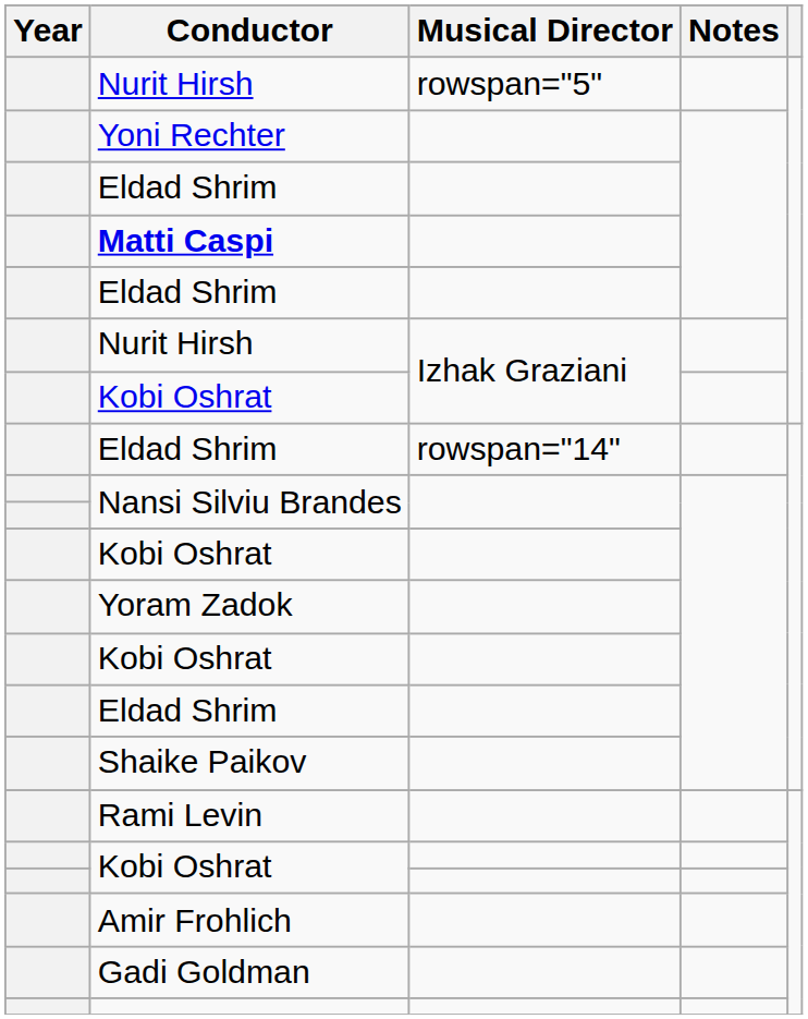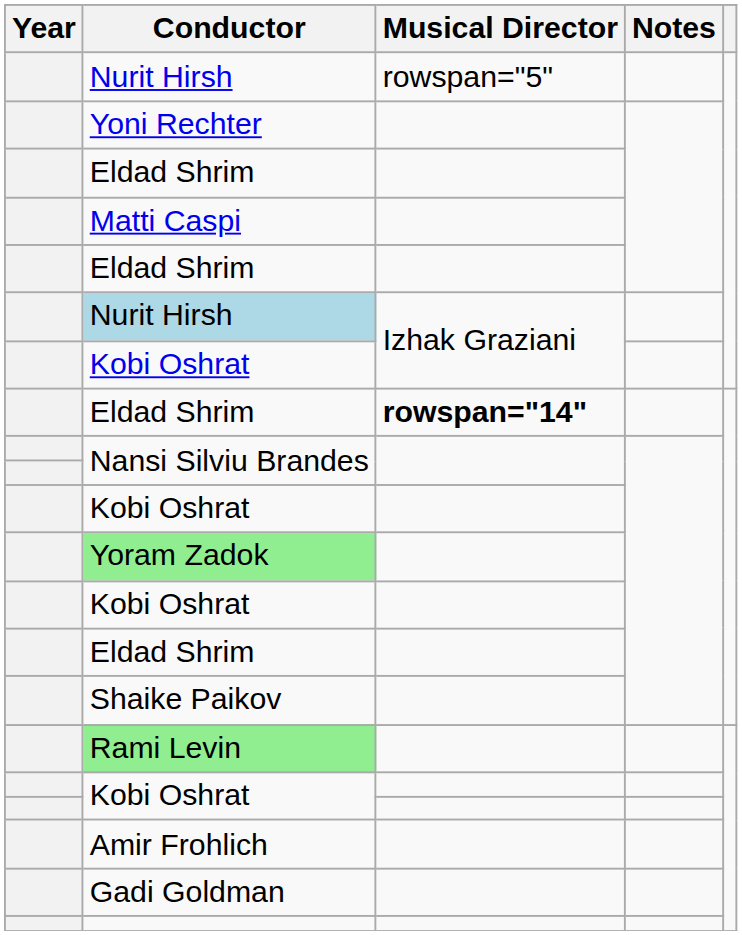 <table class="wikitable plainrowheaders">
 <tr>
 <th>Year</th>
 <th>Conductor</th>
 <th>Musical Director</th>
 <th>Notes</th>
 <th></th>
 </tr>
 <tr>
 <th scope="row"></th>
 <td><a href='#'>Nurit Hirsh</a></td>
 <td>rowspan="5" </td>
 <td></td>
 <td rowspan="7"></td>
 </tr>
 <tr>
 <th scope="row"></th>
 <td><a href='#'>Yoni Rechter</a></td>
 <td></td>
 </tr>
 <tr>
 <th scope="row"></th>
 <td>Eldad Shrim</td>
 <td></td>
 </tr>
 <tr>
 <th scope="row"></th>
-<td><strong><a href='#'>Matti Caspi</a></strong></td>
+<td><a href='#'>Matti Caspi</a></td>
 <td></td>
 </tr>
 <tr>
 <th scope="row"></th>
 <td>Eldad Shrim</td>
 <td></td>
 </tr>
 <tr>
 <th scope="row"></th>
-<td>Nurit Hirsh</td>
+<td style="background: lightblue;">Nurit Hirsh</td>
 <td rowspan="2">Izhak Graziani</td>
 <td></td>
 </tr>
 <tr>
 <th scope="row"></th>
 <td><a href='#'>Kobi Oshrat</a></td>
 <td></td>
 </tr>
 <tr>
 <th scope="row"></th>
 <td>Eldad Shrim</td>
-<td>rowspan="14" </td>
+<td><strong>rowspan="14" </strong></td>
 <td></td>
 <td rowspan="8"></td>
 </tr>
 <tr>
 <th scope="row"></th>
 <td rowspan="2">Nansi Silviu Brandes</td>
 <td rowspan="2"></td>
 </tr>
 <tr>
 <th scope="row"></th>
 </tr>
 <tr>
 <th scope="row"></th>
 <td>Kobi Oshrat</td>
 <td></td>
 </tr>
 <tr>
 <th scope="row"></th>
-<td>Yoram Zadok</td>
+<td style="background: lightgreen;">Yoram Zadok</td>
 <td></td>
 </tr>
 <tr>
 <th scope="row"></th>
 <td>Kobi Oshrat</td>
 <td></td>
 </tr>
 <tr>
 <th scope="row"></th>
 <td>Eldad Shrim</td>
 <td></td>
 </tr>
 <tr>
 <th scope="row"></th>
 <td>Shaike Paikov</td>
 <td></td>
 </tr>
 <tr>
 <th scope="row"></th>
-<td>Rami Levin</td>
+<td style="background: lightgreen;">Rami Levin</td>
 <td></td>
 <td></td>
 </tr>
 <tr>
 <th scope="row"></th>
 <td rowspan="2">Kobi Oshrat</td>
 <td></td>
 <td></td>
 </tr>
 <tr>
 <th scope="row"></th>
 <td></td>
 <td></td>
 </tr>
 <tr>
 <th scope="row"></th>
 <td>Amir Frohlich</td>
 <td></td>
 <td></td>
 </tr>
 <tr>
 <th scope="row"></th>
 <td>Gadi Goldman</td>
 <td></td>
 <td></td>
 </tr>
 <tr>
 <th scope="row"></th>
 <td></td>
 <td></td>
 <td></td>
 </tr>
 </table>
